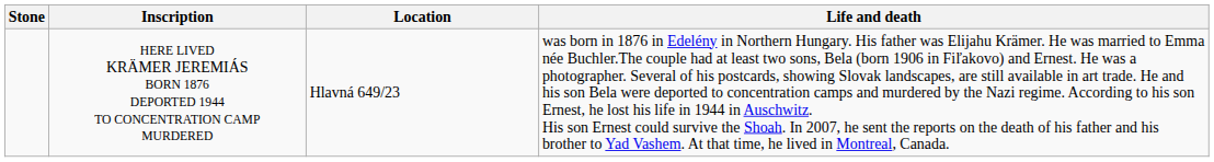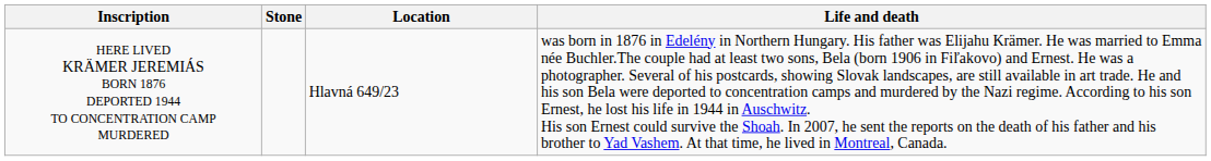 <table class="wikitable sortable toptextcells" style="width:100%">
 <tr>
+<th class="hintergrundfarbe6 unsortable" style ="width:22%;">Inscription</th>
 <th class="hintergrundfarbe6 unsortable" width="120px">Stone</th>
-<th class="hintergrundfarbe6 unsortable" style ="width:22%;">Inscription</th>
 <th class="hintergrundfarbe6" data-sort-type="text" style ="width:20%;">Location</th>
 <th class="hintergrundfarbe6" style="width:100%;">Life and death</th>
 </tr>
 <tr>
+<td style="text-align:center"><div><small>HERE LIVED</small><br>KRÄMER JEREMIÁS<br><small>BORN 1876<br>DEPORTED 1944<br>TO CONCENTRATION CAMP<br>MURDERED</small></div></td>
 <td></td>
-<td style="text-align:center"><div><small>HERE LIVED</small><br>KRÄMER JEREMIÁS<br><small>BORN 1876<br>DEPORTED 1944<br>TO CONCENTRATION CAMP<br>MURDERED</small></div></td>
 <td>Hlavná 649/23</td>
 <td><strong></strong> was born in 1876 in <a href='#'>Edelény</a> in Northern Hungary. His father was Elijahu Krämer. He was married to Emma née Buchler.The couple had at least two sons, Bela (born 1906 in Fiľakovo) and Ernest. He was a photographer. Several of his postcards, showing Slovak landscapes, are still available in art trade. He and his son Bela were deported to concentration camps and murdered by the Nazi regime. According to his son Ernest, he lost his life in 1944 in <a href='#'>Auschwitz</a>.<br>His son Ernest could survive the <a href='#'>Shoah</a>. In 2007, he sent the reports on the death of his father and his brother to <a href='#'>Yad Vashem</a>. At that time, he lived in <a href='#'>Montreal</a>, Canada.</td>
 </tr>
 </table>
